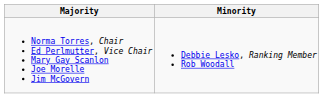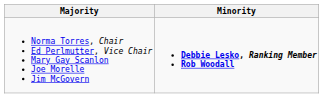 <table class=wikitable>
 <tr>
 <th>Majority</th>
 <th>Minority</th>
 </tr>
 <tr>
 <td><br><ul><li><a href='#'>Norma Torres</a>, <em>Chair</em></li><li><a href='#'>Ed Perlmutter</a>, <em>Vice Chair</em></li><li><a href='#'>Mary Gay Scanlon</a></li><li><a href='#'>Joe Morelle</a></li><li><a href='#'>Jim McGovern</a></li></ul></td>
-<td><br><ul><li><a href='#'>Debbie Lesko</a>, <em>Ranking Member</em></li><li><a href='#'>Rob Woodall</a></li></ul></td>
+<td><strong><br><ul><li><a href='#'>Debbie Lesko</a>, <em>Ranking Member</em></li><li><a href='#'>Rob Woodall</a></li></ul></strong></td>
 </tr>
 </table>
